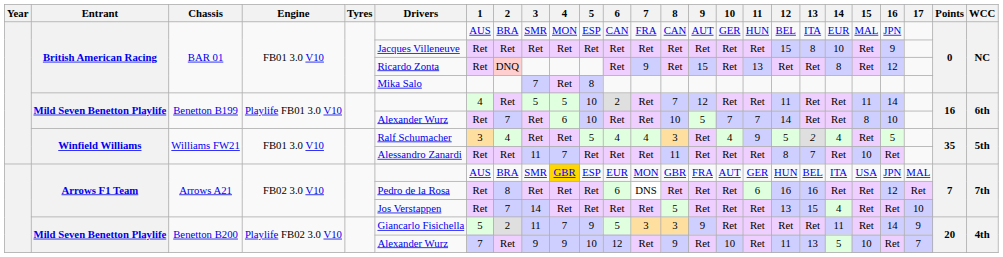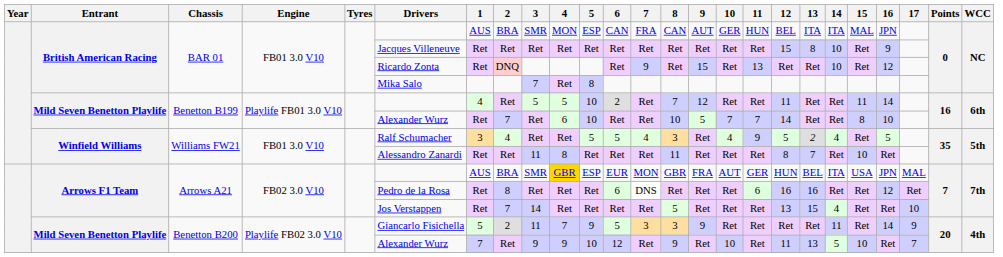 <table class="wikitable" style="text-align:center; font-size:85%">
 <tr>
 <th>Year</th>
 <th>Entrant</th>
 <th>Chassis</th>
 <th>Engine</th>
 <th>Tyres</th>
 <th>Drivers</th>
 <th>1</th>
 <th>2</th>
 <th>3</th>
 <th>4</th>
 <th>5</th>
 <th>6</th>
 <th>7</th>
 <th>8</th>
 <th>9</th>
 <th>10</th>
 <th>11</th>
 <th>12</th>
 <th>13</th>
 <th>14</th>
 <th>15</th>
 <th>16</th>
 <th>17</th>
 <th>Points</th>
 <th>WCC</th>
 </tr>
 <tr>
 <th rowspan="8"></th>
 <th rowspan="4"><a href='#'>British American Racing</a></th>
 <td rowspan="4"><a href='#'>BAR 01</a></td>
 <td rowspan="4">FB01 3.0 <a href='#'>V10</a></td>
 <td rowspan="4"></td>
 <td></td>
 <td><a href='#'>AUS</a></td>
 <td><a href='#'>BRA</a></td>
 <td><a href='#'>SMR</a></td>
 <td><a href='#'>MON</a></td>
 <td><a href='#'>ESP</a></td>
 <td><a href='#'>CAN</a></td>
 <td><a href='#'>FRA</a></td>
 <td><a href='#'>CAN</a></td>
 <td><a href='#'>AUT</a></td>
 <td><a href='#'>GER</a></td>
 <td><a href='#'>HUN</a></td>
 <td><a href='#'>BEL</a></td>
 <td><a href='#'>ITA</a></td>
-<td><a href='#'>EUR</a></td>
+<td><a href='#'>ITA</a></td>
 <td><a href='#'>MAL</a></td>
 <td><a href='#'>JPN</a></td>
 <td></td>
 <th rowspan="4">0</th>
 <th rowspan="4">NC</th>
 </tr>
 <tr>
 <td align="left"> <a href='#'>Jacques Villeneuve</a></td>
 <td style="background:#EFCFFF;">Ret</td>
 <td style="background:#EFCFFF;">Ret</td>
 <td style="background:#EFCFFF;">Ret</td>
 <td style="background:#EFCFFF;">Ret</td>
 <td style="background:#EFCFFF;">Ret</td>
 <td style="background:#EFCFFF;">Ret</td>
 <td style="background:#EFCFFF;">Ret</td>
 <td style="background:#EFCFFF;">Ret</td>
 <td style="background:#EFCFFF;">Ret</td>
 <td style="background:#EFCFFF;">Ret</td>
 <td style="background:#EFCFFF;">Ret</td>
 <td style="background:#CFCFFF;">15</td>
 <td style="background:#CFCFFF;">8</td>
 <td style="background:#CFCFFF;">10</td>
 <td style="background:#EFCFFF;">Ret</td>
 <td style="background:#CFCFFF;">9</td>
 <td></td>
 </tr>
 <tr>
 <td align="left"> <a href='#'>Ricardo Zonta</a></td>
 <td style="background:#EFCFFF;">Ret</td>
 <td style="background:#FFCFCF;">DNQ</td>
 <td></td>
 <td></td>
 <td></td>
 <td style="background:#EFCFFF;">Ret</td>
 <td style="background:#CFCFFF;">9</td>
 <td style="background:#EFCFFF;">Ret</td>
 <td style="background:#CFCFFF;">15</td>
 <td style="background:#EFCFFF;">Ret</td>
 <td style="background:#CFCFFF;">13</td>
 <td style="background:#EFCFFF;">Ret</td>
 <td style="background:#EFCFFF;">Ret</td>
-<td style="background:#CFCFFF;">8</td>
+<td style="background:#CFCFFF;">10</td>
 <td style="background:#EFCFFF;">Ret</td>
 <td style="background:#CFCFFF;">12</td>
 <td></td>
 </tr>
 <tr>
 <td align="left"> <a href='#'>Mika Salo</a></td>
 <td></td>
 <td></td>
 <td style="background:#CFCFFF;">7</td>
 <td style="background:#EFCFFF;">Ret</td>
 <td style="background:#CFCFFF;">8</td>
 <td></td>
 <td></td>
 <td></td>
 <td></td>
 <td></td>
 <td></td>
 <td></td>
 <td></td>
 <td></td>
 <td></td>
 <td></td>
 <td></td>
 </tr>
 <tr>
 <th rowspan="2"><a href='#'>Mild Seven Benetton Playlife</a></th>
 <td rowspan="2"><a href='#'>Benetton B199</a></td>
 <td rowspan="2"><a href='#'>Playlife</a> FB01 3.0 <a href='#'>V10</a></td>
 <td rowspan="2"></td>
 <td align=left></td>
 <td style="background:#DFFFDF;">4</td>
 <td style="background:#EFCFFF;">Ret</td>
 <td style="background:#DFFFDF;">5</td>
 <td style="background:#DFFFDF;">5</td>
 <td style="background:#CFCFFF;">10</td>
 <td style="background:#DFDFDF;">2</td>
 <td style="background:#EFCFFF;">Ret</td>
 <td style="background:#CFCFFF;">7</td>
 <td style="background:#CFCFFF;">12</td>
 <td style="background:#EFCFFF;">Ret</td>
 <td style="background:#EFCFFF;">Ret</td>
 <td style="background:#CFCFFF;">11</td>
 <td style="background:#EFCFFF;">Ret</td>
 <td style="background:#EFCFFF;">Ret</td>
 <td style="background:#CFCFFF;">11</td>
 <td style="background:#CFCFFF;">14</td>
 <td></td>
 <th rowspan="2">16</th>
 <th rowspan="2">6th</th>
 </tr>
 <tr>
 <td align=left> <a href='#'>Alexander Wurz</a></td>
 <td style="background:#EFCFFF;">Ret</td>
 <td style="background:#CFCFFF;">7</td>
 <td style="background:#EFCFFF;">Ret</td>
 <td style="background:#DFFFDF;">6</td>
 <td style="background:#CFCFFF;">10</td>
 <td style="background:#EFCFFF;">Ret</td>
 <td style="background:#EFCFFF;">Ret</td>
 <td style="background:#CFCFFF;">10</td>
 <td style="background:#DFFFDF;">5</td>
 <td style="background:#CFCFFF;">7</td>
 <td style="background:#CFCFFF;">7</td>
 <td style="background:#CFCFFF;">14</td>
 <td style="background:#EFCFFF;">Ret</td>
 <td style="background:#EFCFFF;">Ret</td>
 <td style="background:#CFCFFF;">8</td>
 <td style="background:#CFCFFF;">10</td>
 <td></td>
 </tr>
 <tr>
 <th rowspan="2"><a href='#'>Winfield Williams</a></th>
 <td rowspan="2"><a href='#'>Williams FW21</a></td>
 <td rowspan="2">FB01 3.0 <a href='#'>V10</a></td>
 <td rowspan="2"></td>
 <td align="left"> <a href='#'>Ralf Schumacher</a></td>
 <td style="background:#FFDF9F;">3</td>
 <td style="background:#DFFFDF;">4</td>
 <td style="background:#EFCFFF;">Ret</td>
 <td style="background:#EFCFFF;">Ret</td>
 <td style="background:#DFFFDF;">5</td>
-<td style="background:#DFFFDF;">4</td>
+<td style="background:#DFFFDF;">5</td>
 <td style="background:#DFFFDF;">4</td>
 <td style="background:#FFDF9F;">3</td>
 <td style="background:#EFCFFF;">Ret</td>
 <td style="background:#DFFFDF;">4</td>
 <td style="background:#CFCFFF;">9</td>
 <td style="background:#DFFFDF;">5</td>
 <td style="background:#DFDFDF;"><em>2</em></td>
 <td style="background:#DFFFDF;">4</td>
 <td style="background:#EFCFFF;">Ret</td>
 <td style="background:#DFFFDF;">5</td>
 <td></td>
 <th rowspan="2">35</th>
 <th rowspan="2">5th</th>
 </tr>
 <tr>
 <td align="left"> <a href='#'>Alessandro Zanardi</a></td>
 <td style="background:#EFCFFF;">Ret</td>
 <td style="background:#EFCFFF;">Ret</td>
 <td style="background:#CFCFFF;">11</td>
-<td style="background:#CFCFFF;">7</td>
+<td style="background:#CFCFFF;">8</td>
 <td style="background:#EFCFFF;">Ret</td>
 <td style="background:#EFCFFF;">Ret</td>
 <td style="background:#EFCFFF;">Ret</td>
 <td style="background:#CFCFFF;">11</td>
 <td style="background:#EFCFFF;">Ret</td>
 <td style="background:#EFCFFF;">Ret</td>
 <td style="background:#EFCFFF;">Ret</td>
 <td style="background:#CFCFFF;">8</td>
 <td style="background:#CFCFFF;">7</td>
 <td style="background:#EFCFFF;">Ret</td>
 <td style="background:#CFCFFF;">10</td>
 <td style="background:#EFCFFF;">Ret</td>
 <td></td>
 </tr>
 <tr>
 <th rowspan="5"></th>
 <th rowspan="3"><a href='#'>Arrows F1 Team</a></th>
 <td rowspan="3"><a href='#'>Arrows A21</a></td>
 <td rowspan="3">FB02 3.0 <a href='#'>V10</a></td>
 <td rowspan="3"></td>
 <td></td>
 <td><a href='#'>AUS</a></td>
 <td><a href='#'>BRA</a></td>
 <td><a href='#'>SMR</a></td>
 <td style="background: gold;"><a href='#'>GBR</a></td>
 <td><a href='#'>ESP</a></td>
 <td><a href='#'>EUR</a></td>
 <td><a href='#'>MON</a></td>
 <td><a href='#'>GBR</a></td>
 <td><a href='#'>FRA</a></td>
 <td><a href='#'>AUT</a></td>
 <td><a href='#'>GER</a></td>
 <td><a href='#'>HUN</a></td>
 <td><a href='#'>BEL</a></td>
 <td><a href='#'>ITA</a></td>
 <td><a href='#'>USA</a></td>
 <td><a href='#'>JPN</a></td>
 <td><a href='#'>MAL</a></td>
 <th rowspan="3">7</th>
 <th rowspan="3">7th</th>
 </tr>
 <tr>
 <td align="left"> <a href='#'>Pedro de la Rosa</a></td>
 <td style="background:#EFCFFF;">Ret</td>
 <td style="background:#CFCFFF;">8</td>
 <td style="background:#EFCFFF;">Ret</td>
 <td style="background:#EFCFFF;">Ret</td>
 <td style="background:#EFCFFF;">Ret</td>
 <td style="background:#DFFFDF;">6</td>
 <td style="background:#FFFFFF;">DNS</td>
 <td style="background:#EFCFFF;">Ret</td>
 <td style="background:#EFCFFF;">Ret</td>
 <td style="background:#EFCFFF;">Ret</td>
 <td style="background:#DFFFDF;">6</td>
 <td style="background:#CFCFFF;">16</td>
 <td style="background:#CFCFFF;">16</td>
 <td style="background:#EFCFFF;">Ret</td>
 <td style="background:#EFCFFF;">Ret</td>
 <td style="background:#CFCFFF;">12</td>
 <td style="background:#EFCFFF;">Ret</td>
 </tr>
 <tr>
 <td align="left"> <a href='#'>Jos Verstappen</a></td>
 <td style="background:#EFCFFF;">Ret</td>
 <td style="background:#CFCFFF;">7</td>
 <td style="background:#CFCFFF;">14</td>
 <td style="background:#EFCFFF;">Ret</td>
 <td style="background:#EFCFFF;">Ret</td>
 <td style="background:#EFCFFF;">Ret</td>
 <td style="background:#EFCFFF;">Ret</td>
 <td style="background:#DFFFDF;">5</td>
 <td style="background:#EFCFFF;">Ret</td>
 <td style="background:#EFCFFF;">Ret</td>
 <td style="background:#EFCFFF;">Ret</td>
 <td style="background:#CFCFFF;">13</td>
 <td style="background:#CFCFFF;">15</td>
 <td style="background:#DFFFDF;">4</td>
 <td style="background:#EFCFFF;">Ret</td>
 <td style="background:#EFCFFF;">Ret</td>
 <td style="background:#CFCFFF;">10</td>
 </tr>
 <tr>
 <th rowspan="2"><a href='#'>Mild Seven Benetton Playlife</a></th>
 <td rowspan="2"><a href='#'>Benetton B200</a></td>
 <td rowspan="2"><a href='#'>Playlife</a> FB02 3.0 <a href='#'>V10</a></td>
 <td rowspan="2"></td>
 <td align=left> <a href='#'>Giancarlo Fisichella</a></td>
 <td style="background:#DFFFDF;">5</td>
 <td style="background:#DFDFDF;">2</td>
 <td style="background:#CFCFFF;">11</td>
 <td style="background:#CFCFFF;">7</td>
 <td style="background:#CFCFFF;">9</td>
 <td style="background:#DFFFDF;">5</td>
 <td style="background:#FFDF9F;">3</td>
 <td style="background:#FFDF9F;">3</td>
 <td style="background:#CFCFFF;">9</td>
 <td style="background:#EFCFFF;">Ret</td>
 <td style="background:#EFCFFF;">Ret</td>
 <td style="background:#EFCFFF;">Ret</td>
 <td style="background:#EFCFFF;">Ret</td>
 <td style="background:#CFCFFF;">11</td>
 <td style="background:#EFCFFF;">Ret</td>
 <td style="background:#CFCFFF;">14</td>
 <td style="background:#CFCFFF;">9</td>
 <th rowspan="2">20</th>
 <th rowspan="2">4th</th>
 </tr>
 <tr>
 <td align=left> <a href='#'>Alexander Wurz</a></td>
 <td style="background:#CFCFFF;">7</td>
 <td style="background:#EFCFFF;">Ret</td>
 <td style="background:#CFCFFF;">9</td>
 <td style="background:#CFCFFF;">9</td>
 <td style="background:#CFCFFF;">10</td>
 <td style="background:#CFCFFF;">12</td>
 <td style="background:#EFCFFF;">Ret</td>
 <td style="background:#CFCFFF;">9</td>
 <td style="background:#EFCFFF;">Ret</td>
 <td style="background:#CFCFFF;">10</td>
 <td style="background:#EFCFFF;">Ret</td>
 <td style="background:#CFCFFF;">11</td>
 <td style="background:#CFCFFF;">13</td>
 <td style="background:#DFFFDF;">5</td>
 <td style="background:#CFCFFF;">10</td>
 <td style="background:#EFCFFF;">Ret</td>
 <td style="background:#CFCFFF;">7</td>
 </tr>
 </table>
